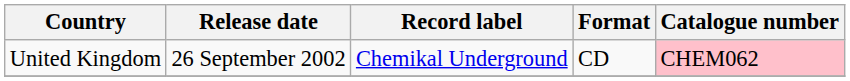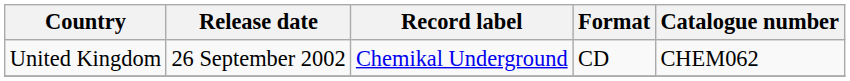 <table class="wikitable">
 <tr>
 <th>Country</th>
 <th>Release date</th>
 <th>Record label</th>
 <th>Format</th>
 <th>Catalogue number</th>
 </tr>
 <tr>
 <td>United Kingdom</td>
 <td>26 September 2002</td>
 <td><a href='#'>Chemikal Underground</a></td>
 <td>CD</td>
-<td style="background: pink;">CHEM062</td>
+<td>CHEM062</td>
 </tr>
 <tr>
 </tr>
 </table>
